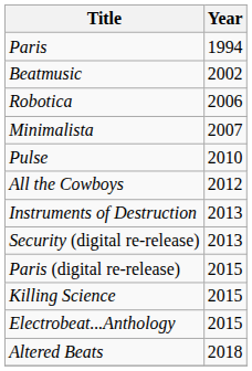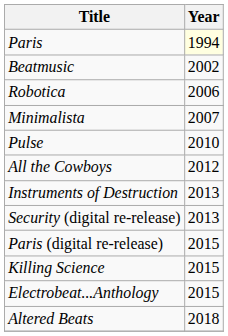 <table class="wikitable">
 <tr>
 <th>Title</th>
 <th>Year</th>
 </tr>
 <tr>
 <td><em>Paris</em></td>
-<td>1994</td>
+<td style="background: lightyellow;">1994</td>
 </tr>
 <tr>
 <td><em>Beatmusic</em></td>
 <td>2002</td>
 </tr>
 <tr>
 <td><em>Robotica</em></td>
 <td>2006</td>
 </tr>
 <tr>
 <td><em>Minimalista</em></td>
 <td>2007</td>
 </tr>
 <tr>
 <td><em>Pulse</em></td>
 <td>2010</td>
 </tr>
 <tr>
 <td><em>All the Cowboys</em></td>
 <td>2012</td>
 </tr>
 <tr>
 <td><em>Instruments of Destruction</em></td>
 <td>2013</td>
 </tr>
 <tr>
 <td><em>Security</em> (digital re-release)</td>
 <td>2013</td>
 </tr>
 <tr>
 <td><em>Paris</em> (digital re-release)</td>
 <td>2015</td>
 </tr>
 <tr>
 <td><em>Killing Science</em></td>
 <td>2015</td>
 </tr>
 <tr>
 <td><em>Electrobeat...Anthology</em></td>
 <td>2015</td>
 </tr>
 <tr>
 <td><em>Altered Beats</em></td>
 <td>2018</td>
 </tr>
 <tr>
 </tr>
 </table>
